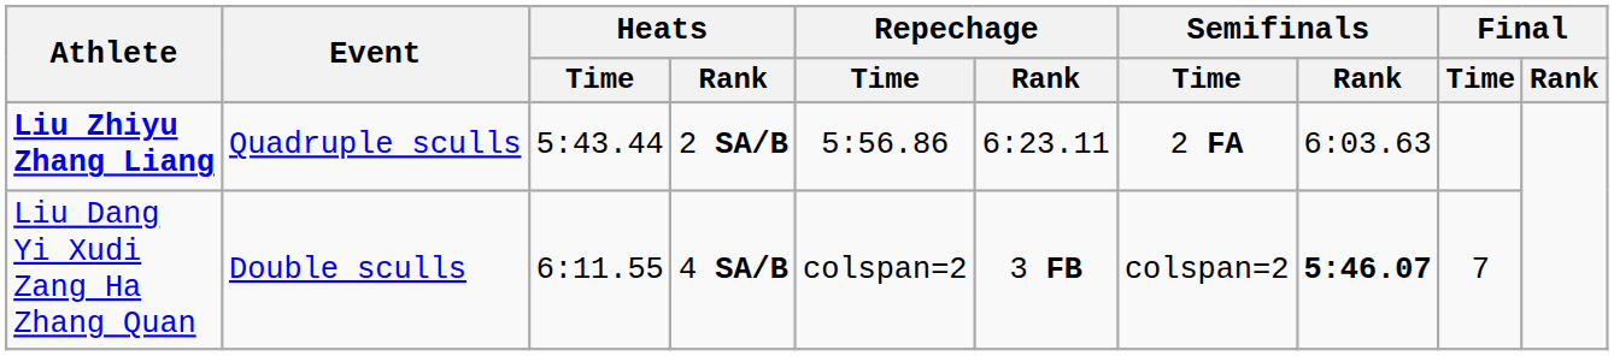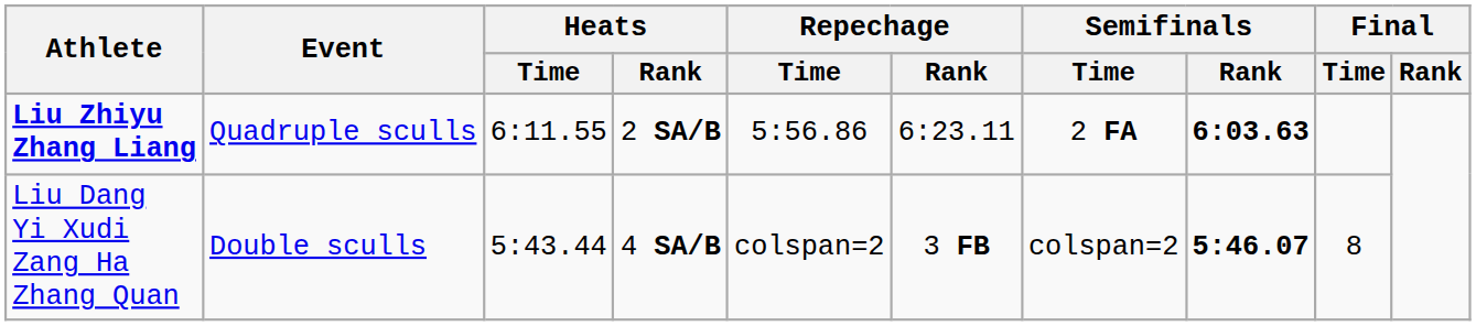 <table class="wikitable" style="font-size:90%">
 <tr>
 <th rowspan="2">Athlete</th>
 <th rowspan="2">Event</th>
 <th colspan="2">Heats</th>
 <th colspan="2">Repechage</th>
 <th colspan="2">Semifinals</th>
 <th colspan="2">Final</th>
 </tr>
 <tr style="font-size:95%">
 <th>Time</th>
 <th>Rank</th>
 <th>Time</th>
 <th>Rank</th>
 <th>Time</th>
 <th>Rank</th>
 <th>Time</th>
 <th>Rank</th>
 </tr>
 <tr align=center>
 <td align=left><strong><a href='#'>Liu Zhiyu</a><br><a href='#'>Zhang Liang</a></strong></td>
 <td align=left><a href='#'>Quadruple sculls</a></td>
-<td>5:43.44</td>
+<td>6:11.55</td>
 <td>2 <strong>SA/B</strong></td>
 <td>5:56.86</td>
 <td>6:23.11</td>
 <td>2 <strong>FA</strong></td>
-<td>6:03.63</td>
+<td><strong>6:03.63</strong></td>
 <td></td>
 </tr>
 <tr align=center>
 <td align=left><a href='#'>Liu Dang</a><br><a href='#'>Yi Xudi</a><br><a href='#'>Zang Ha</a><br><a href='#'>Zhang Quan</a></td>
 <td align=left><a href='#'>Double sculls</a></td>
-<td>6:11.55</td>
+<td>5:43.44</td>
 <td>4 <strong>SA/B</strong></td>
 <td>colspan=2 </td>
 <td>3 <strong>FB</strong></td>
 <td>colspan=2 </td>
 <td><strong>5:46.07</strong></td>
-<td>7</td>
+<td>8</td>
 </tr>
 </table>
